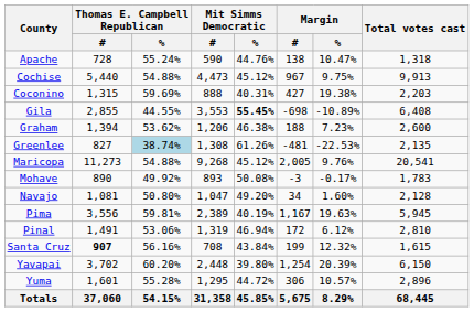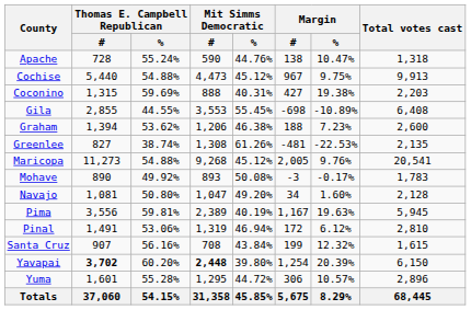 <table class="wikitable sortable" style="text-align:center">
 <tr>
 <th rowspan="2">County</th>
 <th style="text-align:center;" colspan="2">Thomas E. Campbell<br>Republican</th>
 <th style="text-align:center;" colspan="2">Mit Simms<br>Democratic</th>
 <th style="text-align:center;" colspan="2">Margin</th>
 <th style="text-align:center;" rowspan="2">Total votes cast</th>
 </tr>
 <tr>
 <th style="text-align:center;" data-sort-type="number">#</th>
 <th style="text-align:center;" data-sort-type="number">%</th>
 <th style="text-align:center;" data-sort-type="number">#</th>
 <th style="text-align:center;" data-sort-type="number">%</th>
 <th style="text-align:center;" data-sort-type="number">#</th>
 <th style="text-align:center;" data-sort-type="number">%</th>
 </tr>
 <tr style="text-align:center;">
 <td><a href='#'>Apache</a></td>
 <td>728</td>
 <td>55.24%</td>
 <td>590</td>
 <td>44.76%</td>
 <td>138</td>
 <td>10.47%</td>
 <td>1,318</td>
 </tr>
 <tr style="text-align:center;">
 <td><a href='#'>Cochise</a></td>
 <td>5,440</td>
 <td>54.88%</td>
 <td>4,473</td>
 <td>45.12%</td>
 <td>967</td>
 <td>9.75%</td>
 <td>9,913</td>
 </tr>
 <tr style="text-align:center;">
 <td><a href='#'>Coconino</a></td>
 <td>1,315</td>
 <td>59.69%</td>
 <td>888</td>
 <td>40.31%</td>
 <td>427</td>
 <td>19.38%</td>
 <td>2,203</td>
 </tr>
 <tr style="text-align:center;">
 <td><a href='#'>Gila</a></td>
 <td>2,855</td>
 <td>44.55%</td>
 <td>3,553</td>
-<td><strong>55.45%</strong></td>
+<td>55.45%</td>
 <td>-698</td>
 <td>-10.89%</td>
 <td>6,408</td>
 </tr>
 <tr style="text-align:center;">
 <td><a href='#'>Graham</a></td>
 <td>1,394</td>
 <td>53.62%</td>
 <td>1,206</td>
 <td>46.38%</td>
 <td>188</td>
 <td>7.23%</td>
 <td>2,600</td>
 </tr>
 <tr style="text-align:center;">
 <td><a href='#'>Greenlee</a></td>
 <td>827</td>
-<td style="background: lightblue;">38.74%</td>
+<td>38.74%</td>
 <td>1,308</td>
 <td>61.26%</td>
 <td>-481</td>
 <td>-22.53%</td>
 <td>2,135</td>
 </tr>
 <tr style="text-align:center;">
 <td><a href='#'>Maricopa</a></td>
 <td>11,273</td>
 <td>54.88%</td>
 <td>9,268</td>
 <td>45.12%</td>
 <td>2,005</td>
 <td>9.76%</td>
 <td>20,541</td>
 </tr>
 <tr style="text-align:center;">
 <td><a href='#'>Mohave</a></td>
 <td>890</td>
 <td>49.92%</td>
 <td>893</td>
 <td>50.08%</td>
 <td>-3</td>
 <td>-0.17%</td>
 <td>1,783</td>
 </tr>
 <tr style="text-align:center;">
 <td><a href='#'>Navajo</a></td>
 <td>1,081</td>
 <td>50.80%</td>
 <td>1,047</td>
 <td>49.20%</td>
 <td>34</td>
 <td>1.60%</td>
 <td>2,128</td>
 </tr>
 <tr style="text-align:center;">
 <td><a href='#'>Pima</a></td>
 <td>3,556</td>
 <td>59.81%</td>
 <td>2,389</td>
 <td>40.19%</td>
 <td>1,167</td>
 <td>19.63%</td>
 <td>5,945</td>
 </tr>
 <tr style="text-align:center;">
 <td><a href='#'>Pinal</a></td>
 <td>1,491</td>
 <td>53.06%</td>
 <td>1,319</td>
 <td>46.94%</td>
 <td>172</td>
 <td>6.12%</td>
 <td>2,810</td>
 </tr>
 <tr style="text-align:center;">
 <td><a href='#'>Santa Cruz</a></td>
-<td><strong>907</strong></td>
+<td>907</td>
 <td>56.16%</td>
 <td>708</td>
 <td>43.84%</td>
 <td>199</td>
 <td>12.32%</td>
 <td>1,615</td>
 </tr>
 <tr style="text-align:center;">
 <td><a href='#'>Yavapai</a></td>
-<td>3,702</td>
+<td><strong>3,702</strong></td>
 <td>60.20%</td>
-<td>2,448</td>
+<td><strong>2,448</strong></td>
 <td>39.80%</td>
 <td>1,254</td>
 <td>20.39%</td>
 <td>6,150</td>
 </tr>
 <tr style="text-align:center;">
 <td><a href='#'>Yuma</a></td>
 <td>1,601</td>
 <td>55.28%</td>
 <td>1,295</td>
 <td>44.72%</td>
 <td>306</td>
 <td>10.57%</td>
 <td>2,896</td>
 </tr>
 <tr style="text-align:center;">
 <th>Totals</th>
 <th>37,060</th>
 <th>54.15%</th>
 <th>31,358</th>
 <th>45.85%</th>
 <th>5,675</th>
 <th>8.29%</th>
 <th>68,445</th>
 </tr>
 </table>
